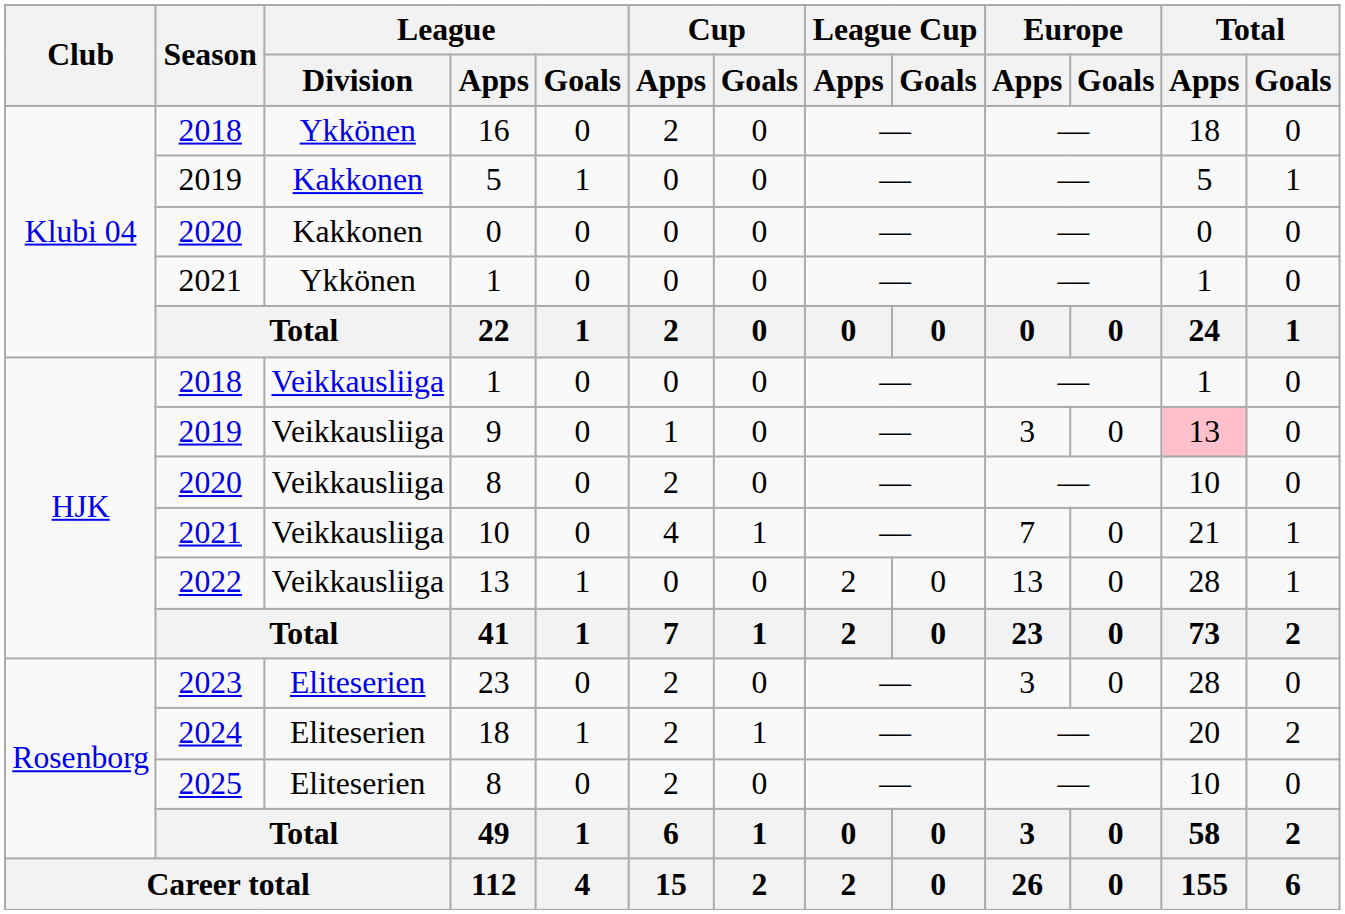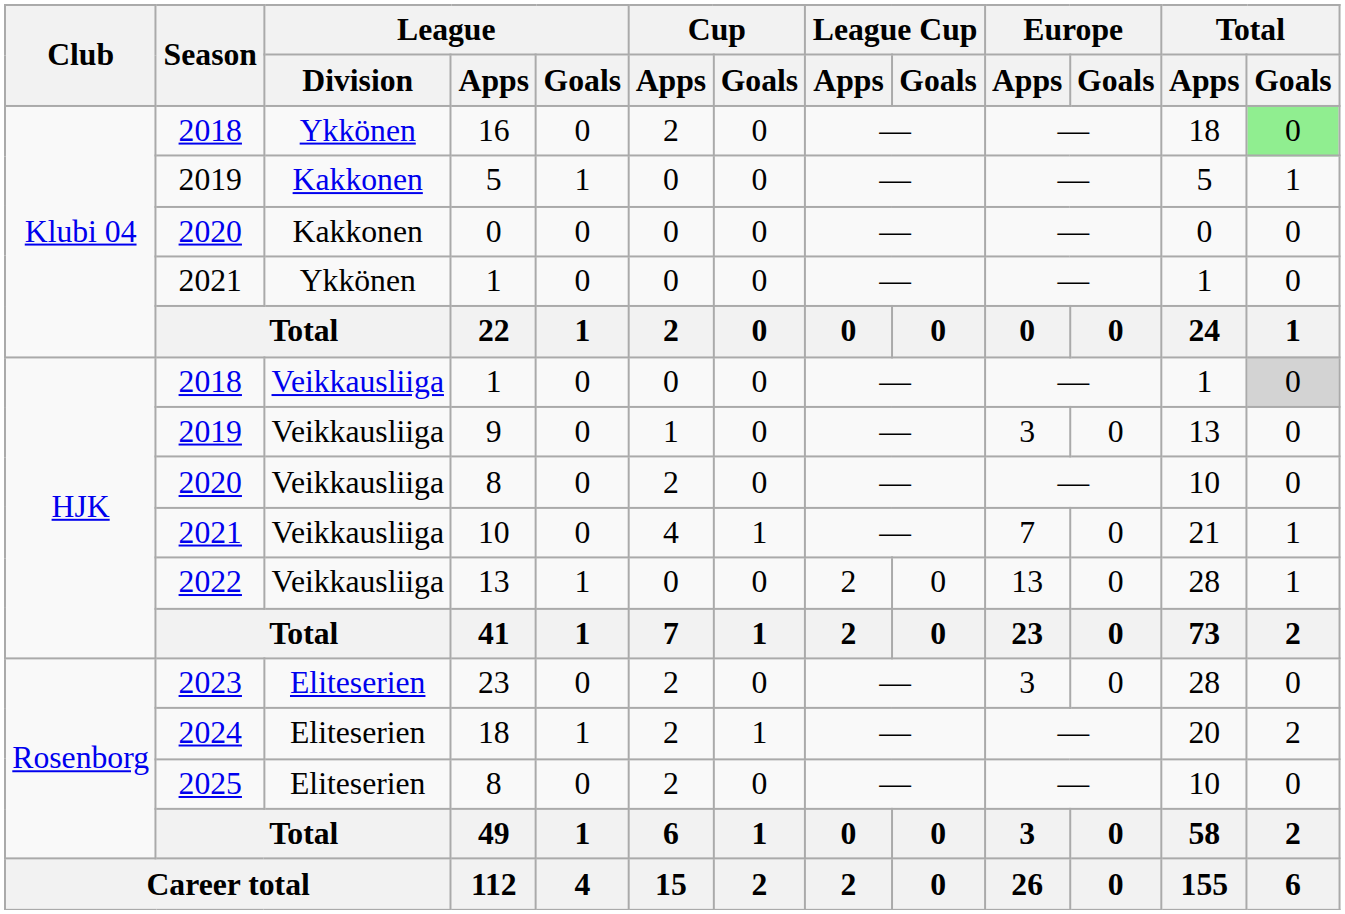 <table class="wikitable" style="text-align: center;">
 <tr>
 <th rowspan="2">Club</th>
 <th rowspan="2">Season</th>
 <th colspan="3">League</th>
 <th colspan="2">Cup</th>
 <th colspan="2">League Cup</th>
 <th colspan="2">Europe</th>
 <th colspan="2">Total</th>
 </tr>
 <tr>
 <th>Division</th>
 <th>Apps</th>
 <th>Goals</th>
 <th>Apps</th>
 <th>Goals</th>
 <th>Apps</th>
 <th>Goals</th>
 <th>Apps</th>
 <th>Goals</th>
 <th>Apps</th>
 <th>Goals</th>
 </tr>
 <tr>
 <td rowspan="5"><a href='#'>Klubi 04</a></td>
 <td><a href='#'>2018</a></td>
 <td><a href='#'>Ykkönen</a></td>
 <td>16</td>
 <td>0</td>
 <td>2</td>
 <td>0</td>
 <td colspan="2">—</td>
 <td colspan="2">—</td>
 <td>18</td>
-<td>0</td>
+<td style="background: lightgreen;">0</td>
 </tr>
 <tr>
 <td>2019</td>
 <td><a href='#'>Kakkonen</a></td>
 <td>5</td>
 <td>1</td>
 <td>0</td>
 <td>0</td>
 <td colspan="2">—</td>
 <td colspan="2">—</td>
 <td>5</td>
 <td>1</td>
 </tr>
 <tr>
 <td><a href='#'>2020</a></td>
 <td>Kakkonen</td>
 <td>0</td>
 <td>0</td>
 <td>0</td>
 <td>0</td>
 <td colspan="2">—</td>
 <td colspan="2">—</td>
 <td>0</td>
 <td>0</td>
 </tr>
 <tr>
 <td>2021</td>
 <td>Ykkönen</td>
 <td>1</td>
 <td>0</td>
 <td>0</td>
 <td>0</td>
 <td colspan="2">—</td>
 <td colspan="2">—</td>
 <td>1</td>
 <td>0</td>
 </tr>
 <tr>
 <th colspan="2">Total</th>
 <th>22</th>
 <th>1</th>
 <th>2</th>
 <th>0</th>
 <th>0</th>
 <th>0</th>
 <th>0</th>
 <th>0</th>
 <th>24</th>
 <th>1</th>
 </tr>
 <tr>
 <td rowspan="6" valign="center"><a href='#'>HJK</a></td>
 <td><a href='#'>2018</a></td>
 <td><a href='#'>Veikkausliiga</a></td>
 <td>1</td>
 <td>0</td>
 <td>0</td>
 <td>0</td>
 <td colspan="2">—</td>
 <td colspan="2">—</td>
 <td>1</td>
-<td>0</td>
+<td style="background: lightgrey;">0</td>
 </tr>
 <tr>
 <td><a href='#'>2019</a></td>
 <td>Veikkausliiga</td>
 <td>9</td>
 <td>0</td>
 <td>1</td>
 <td>0</td>
 <td colspan="2">—</td>
 <td>3</td>
 <td>0</td>
-<td style="background: pink;">13</td>
+<td>13</td>
 <td>0</td>
 </tr>
 <tr>
 <td><a href='#'>2020</a></td>
 <td>Veikkausliiga</td>
 <td>8</td>
 <td>0</td>
 <td>2</td>
 <td>0</td>
 <td colspan="2">—</td>
 <td colspan="2">—</td>
 <td>10</td>
 <td>0</td>
 </tr>
 <tr>
 <td><a href='#'>2021</a></td>
 <td>Veikkausliiga</td>
 <td>10</td>
 <td>0</td>
 <td>4</td>
 <td>1</td>
 <td colspan="2">—</td>
 <td>7</td>
 <td>0</td>
 <td>21</td>
 <td>1</td>
 </tr>
 <tr>
 <td><a href='#'>2022</a></td>
 <td>Veikkausliiga</td>
 <td>13</td>
 <td>1</td>
 <td>0</td>
 <td>0</td>
 <td>2</td>
 <td>0</td>
 <td>13</td>
 <td>0</td>
 <td>28</td>
 <td>1</td>
 </tr>
 <tr>
 <th colspan="2">Total</th>
 <th>41</th>
 <th>1</th>
 <th>7</th>
 <th>1</th>
 <th>2</th>
 <th>0</th>
 <th>23</th>
 <th>0</th>
 <th>73</th>
 <th>2</th>
 </tr>
 <tr>
 <td rowspan="4" valign="center"><a href='#'>Rosenborg</a></td>
 <td><a href='#'>2023</a></td>
 <td><a href='#'>Eliteserien</a></td>
 <td>23</td>
 <td>0</td>
 <td>2</td>
 <td>0</td>
 <td colspan="2">—</td>
 <td>3</td>
 <td>0</td>
 <td>28</td>
 <td>0</td>
 </tr>
 <tr>
 <td><a href='#'>2024</a></td>
 <td>Eliteserien</td>
 <td>18</td>
 <td>1</td>
 <td>2</td>
 <td>1</td>
 <td colspan="2">—</td>
 <td colspan="2">—</td>
 <td>20</td>
 <td>2</td>
 </tr>
 <tr>
 <td><a href='#'>2025</a></td>
 <td>Eliteserien</td>
 <td>8</td>
 <td>0</td>
 <td>2</td>
 <td>0</td>
 <td colspan="2">—</td>
 <td colspan="2">—</td>
 <td>10</td>
 <td>0</td>
 </tr>
 <tr>
 <th colspan="2">Total</th>
 <th>49</th>
 <th>1</th>
 <th>6</th>
 <th>1</th>
 <th>0</th>
 <th>0</th>
 <th>3</th>
 <th>0</th>
 <th>58</th>
 <th>2</th>
 </tr>
 <tr>
 <th colspan="3">Career total</th>
 <th>112</th>
 <th>4</th>
 <th>15</th>
 <th>2</th>
 <th>2</th>
 <th>0</th>
 <th>26</th>
 <th>0</th>
 <th>155</th>
 <th>6</th>
 </tr>
 </table>
